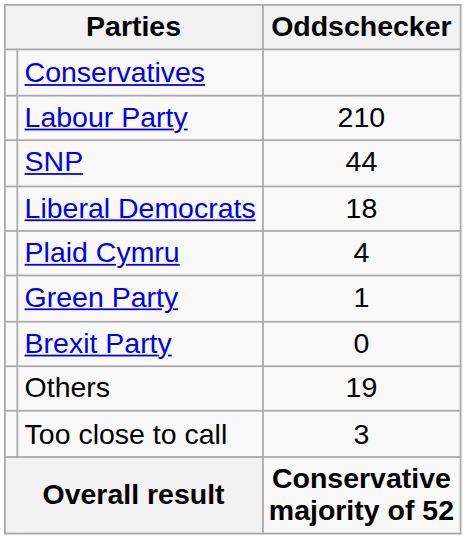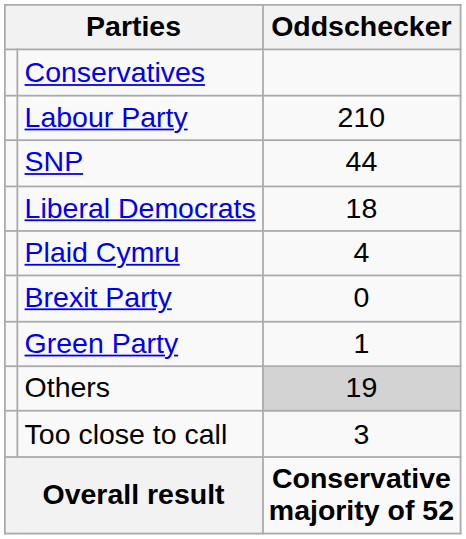 <table class="wikitable">
 <tr>
 <th colspan="2">Parties</th>
 <th style="vertical-align:top;">Oddschecker</th>
 </tr>
 <tr>
 <td style="color:inherit;background:"></td>
 <td><a href='#'>Conservatives</a></td>
 <td></td>
 </tr>
 <tr>
 <td style="color:inherit;background:"></td>
 <td><a href='#'>Labour Party</a></td>
 <td style="text-align:center;">210</td>
 </tr>
 <tr>
 <td style="color:inherit;background:"></td>
 <td><a href='#'>SNP</a></td>
 <td style="text-align:center;">44</td>
 </tr>
 <tr>
 <td style="color:inherit;background:"></td>
 <td><a href='#'>Liberal Democrats</a></td>
 <td style="text-align:center;">18</td>
 </tr>
 <tr>
 <td style="color:inherit;background:"></td>
 <td><a href='#'>Plaid Cymru</a></td>
 <td style="text-align:center;">4</td>
 </tr>
 <tr>
 <td style="color:inherit;background:"></td>
+<td><a href='#'>Brexit Party</a></td>
+<td style="text-align:center;">0</td>
+</tr>
+<tr>
+<td style="color:inherit;background:"></td>
 <td><a href='#'>Green Party</a></td>
 <td style="text-align:center;">1</td>
 </tr>
 <tr>
 <td style="color:inherit;background:"></td>
-<td><a href='#'>Brexit Party</a></td>
-<td style="text-align:center;">0</td>
-</tr>
-<tr>
-<td style="color:inherit;background:"></td>
 <td>Others</td>
-<td style="text-align:center;">19</td>
+<td style="background: lightgrey; text-align:center;">19</td>
 </tr>
 <tr>
 <td style="color:inherit;background:"></td>
 <td>Too close to call</td>
 <td style="text-align:center;">3</td>
 </tr>
 <tr>
 <th colspan="2">Overall result</th>
 <td style="text-align:center; background:"><strong>Conservative <br> majority of 52</strong></td>
 </tr>
 </table>
